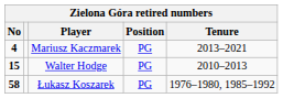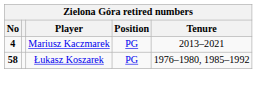 <table class="wikitable sortable" style="text-align:center">
 <tr>
 <th colspan="5">Zielona Góra retired numbers</th>
 </tr>
 <tr>
 <th>No</th>
 <th></th>
 <th>Player</th>
 <th>Position</th>
 <th>Tenure</th>
 </tr>
 <tr>
 <td><strong>4</strong></td>
 <td></td>
 <td><a href='#'>Mariusz Kaczmarek</a></td>
 <td><a href='#'>PG</a></td>
 <td>2013–2021</td>
 </tr>
 <tr>
-<td><strong>15</strong></td>
-<td></td>
-<td><a href='#'>Walter Hodge</a></td>
-<td><a href='#'>PG</a></td>
-<td>2010–2013</td>
-</tr>
-<tr>
 <td><strong>58</strong></td>
 <td></td>
 <td><a href='#'>Łukasz Koszarek</a></td>
 <td><a href='#'>PG</a></td>
 <td>1976–1980, 1985–1992</td>
 </tr>
 </table>
